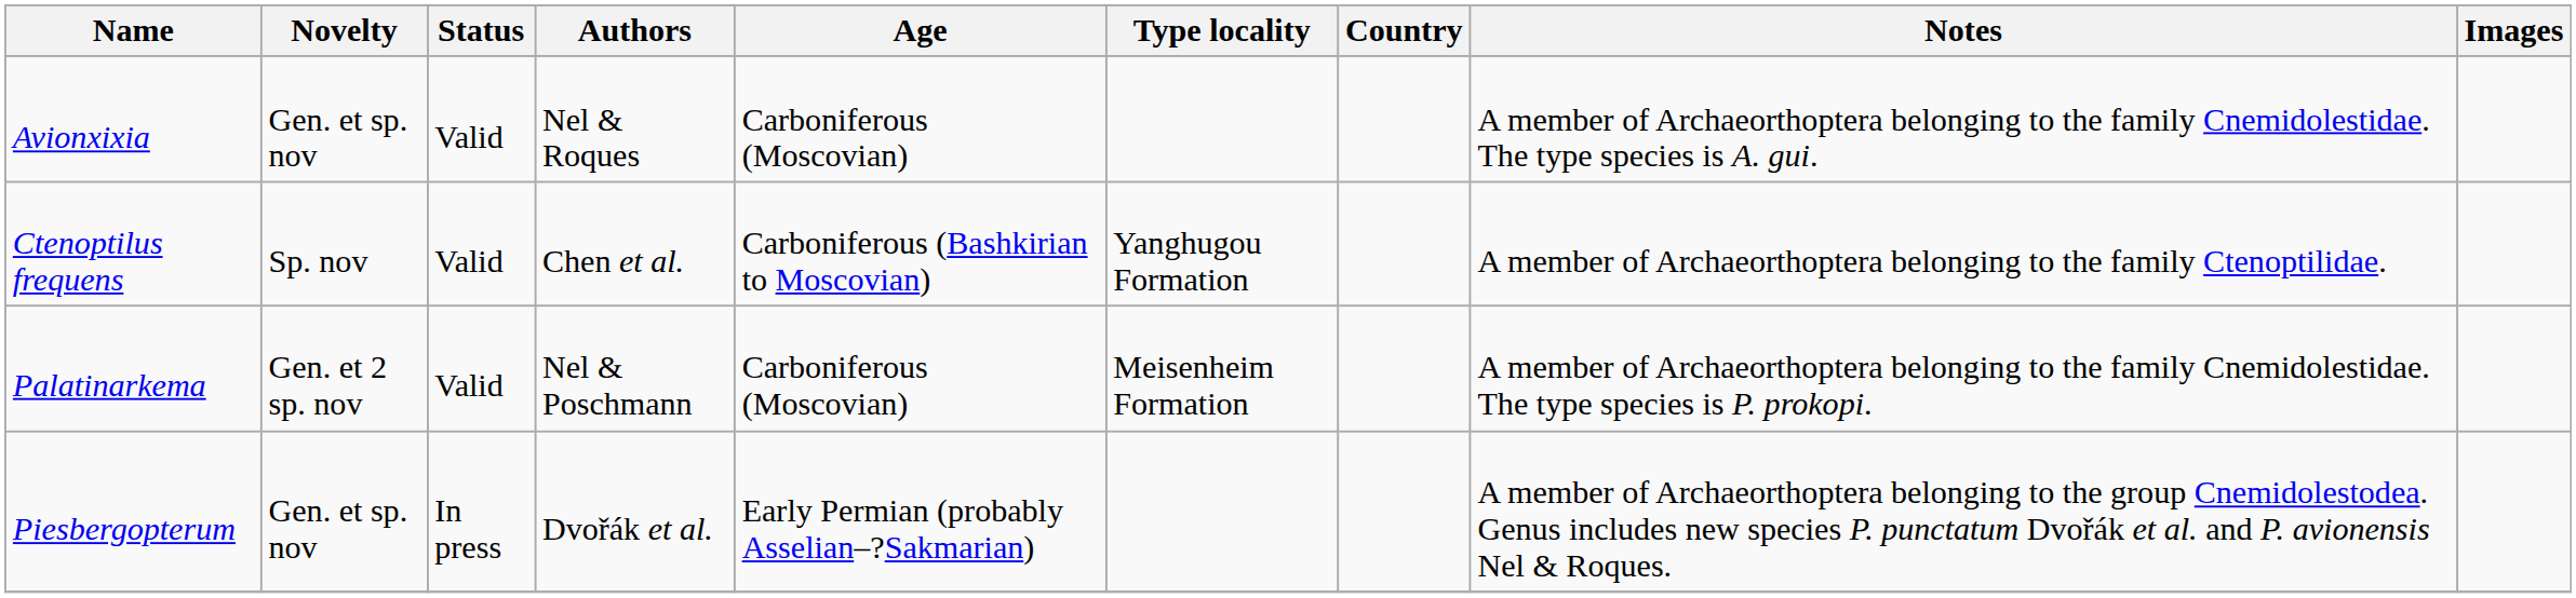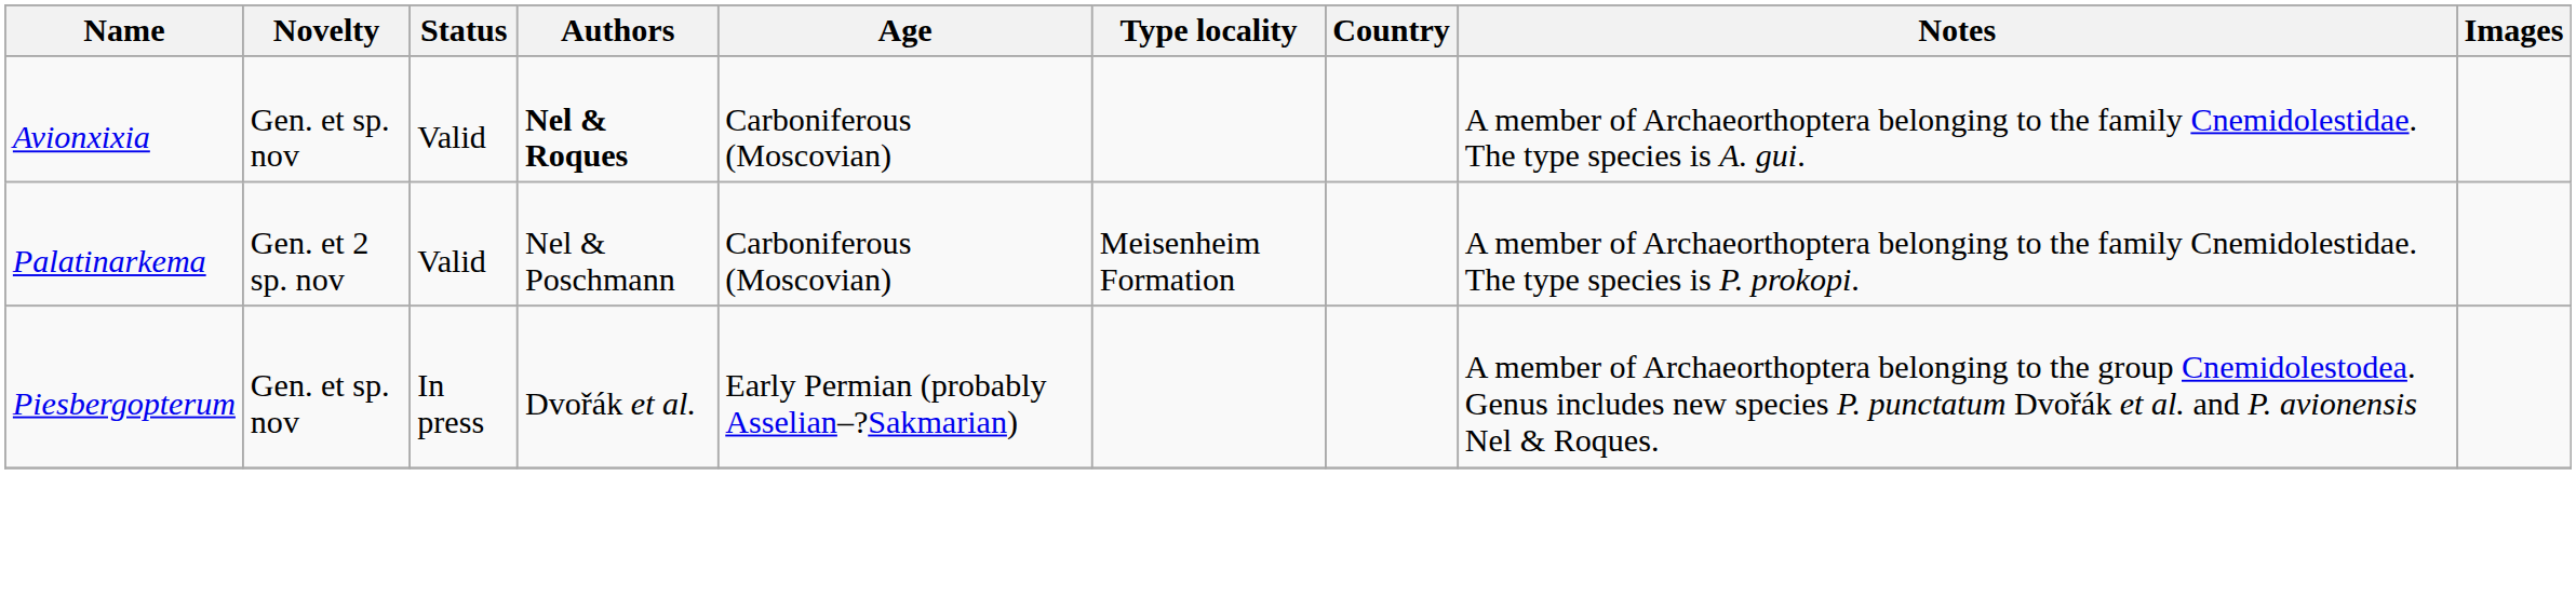 <table class="wikitable sortable" align="center" width="100%">
 <tr>
 <th>Name</th>
 <th>Novelty</th>
 <th>Status</th>
 <th>Authors</th>
 <th>Age</th>
 <th>Type locality</th>
 <th>Country</th>
 <th>Notes</th>
 <th>Images</th>
 </tr>
 <tr>
 <td><br><em><a href='#'>Avionxixia</a></em></td>
 <td><br>Gen. et sp. nov</td>
 <td><br>Valid</td>
-<td><br>Nel & Roques</td>
+<td><strong><br>Nel & Roques</strong></td>
 <td><br>Carboniferous (Moscovian)</td>
 <td></td>
 <td><br></td>
 <td><br>A member of Archaeorthoptera belonging to the family <a href='#'>Cnemidolestidae</a>. The type species is <em>A. gui</em>.</td>
-<td></td>
-</tr>
-<tr>
-<td><br><em><a href='#'>Ctenoptilus frequens</a></em></td>
-<td><br>Sp. nov</td>
-<td><br>Valid</td>
-<td><br>Chen <em>et al.</em></td>
-<td><br>Carboniferous (<a href='#'>Bashkirian</a> to <a href='#'>Moscovian</a>)</td>
-<td><br>Yanghugou Formation</td>
-<td><br></td>
-<td><br>A member of Archaeorthoptera belonging to the family <a href='#'>Ctenoptilidae</a>.</td>
 <td></td>
 </tr>
 <tr>
 <td><br><em><a href='#'>Palatinarkema</a></em></td>
 <td><br>Gen. et 2 sp. nov</td>
 <td><br>Valid</td>
 <td><br>Nel & Poschmann</td>
 <td><br>Carboniferous (Moscovian)</td>
 <td><br>Meisenheim  Formation</td>
 <td><br></td>
 <td><br>A member of Archaeorthoptera belonging to the family Cnemidolestidae. The type species is <em>P. prokopi</em>.</td>
 <td></td>
 </tr>
 <tr>
 <td><br><em><a href='#'>Piesbergopterum</a></em></td>
 <td><br>Gen. et sp. nov</td>
 <td><br>In press</td>
 <td><br>Dvořák <em>et al.</em></td>
 <td><br>Early Permian (probably <a href='#'>Asselian</a>–?<a href='#'>Sakmarian</a>)</td>
 <td></td>
 <td><br><br> </td>
 <td><br>A member of Archaeorthoptera belonging to the group <a href='#'>Cnemidolestodea</a>. Genus includes new species <em>P. punctatum</em> Dvořák <em>et al.</em> and <em>P. avionensis</em> Nel & Roques.</td>
 <td></td>
 </tr>
 <tr>
 </tr>
 </table>
